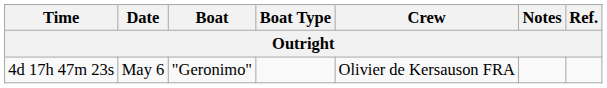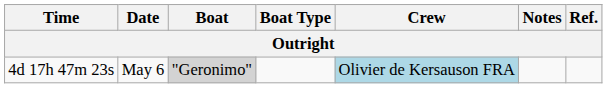 <table class="wikitable sortable">
 <tr>
 <th>Time</th>
 <th>Date</th>
 <th>Boat</th>
 <th>Boat Type</th>
 <th>Crew</th>
 <th>Notes</th>
 <th>Ref.</th>
 </tr>
 <tr>
 <th colspan=7>Outright</th>
 </tr>
 <tr>
 <td>4d 17h 47m 23s</td>
 <td>May 6</td>
-<td>"Geronimo"</td>
+<td style="background: lightgrey;">"Geronimo"</td>
 <td></td>
-<td>Olivier de Kersauson	FRA</td>
+<td style="background: lightblue;">Olivier de Kersauson	FRA</td>
 <td></td>
 <td></td>
 </tr>
 </table>
